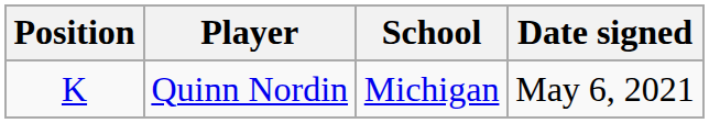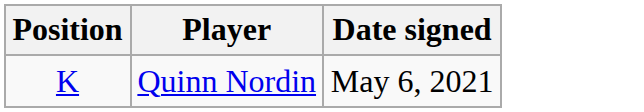 <table class="wikitable" style="text-align:center">
 <tr>
 <th>Position</th>
 <th>Player</th>
-<th>School</th>
 <th>Date signed</th>
 </tr>
 <tr>
 <td><a href='#'>K</a></td>
 <td><a href='#'>Quinn Nordin</a></td>
-<td><a href='#'>Michigan</a></td>
 <td>May 6, 2021</td>
 </tr>
 </table>
